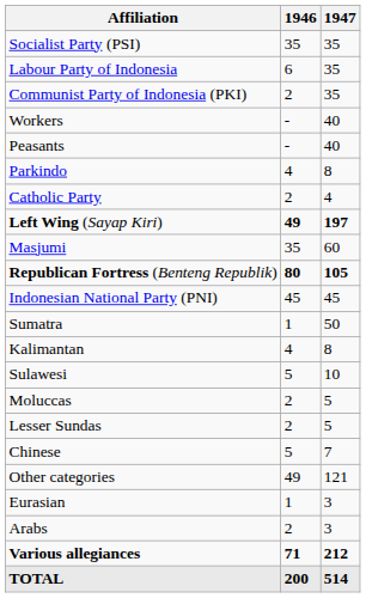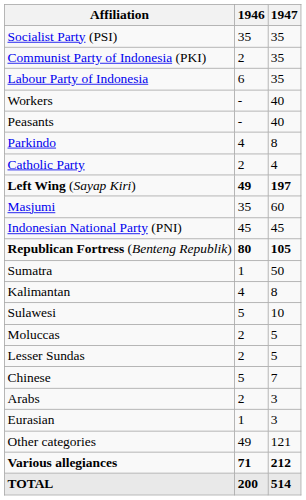 <table class="wikitable">
 <tr>
 <th>Affiliation</th>
 <th>1946</th>
 <th>1947</th>
 </tr>
 <tr>
 <td><a href='#'>Socialist Party</a> (PSI)</td>
 <td>35</td>
 <td>35</td>
 </tr>
 <tr>
-<td><a href='#'>Labour Party of Indonesia</a></td>
-<td>6</td>
+<td><a href='#'>Communist Party of Indonesia</a> (PKI)</td>
+<td>2</td>
 <td>35</td>
 </tr>
 <tr>
-<td><a href='#'>Communist Party of Indonesia</a> (PKI)</td>
-<td>2</td>
+<td><a href='#'>Labour Party of Indonesia</a></td>
+<td>6</td>
 <td>35</td>
 </tr>
 <tr>
 <td>Workers</td>
 <td>-</td>
 <td>40</td>
 </tr>
 <tr>
 <td>Peasants</td>
 <td>-</td>
 <td>40</td>
 </tr>
 <tr>
 <td><a href='#'>Parkindo</a></td>
 <td>4</td>
 <td>8</td>
 </tr>
 <tr>
 <td><a href='#'>Catholic Party</a></td>
 <td>2</td>
 <td>4</td>
 </tr>
 <tr>
 <td><strong>Left Wing</strong> (<em>Sayap Kiri</em>)</td>
 <td><strong>49</strong></td>
 <td><strong>197</strong></td>
 </tr>
 <tr>
 <td><a href='#'>Masjumi</a></td>
 <td>35</td>
 <td>60</td>
 </tr>
 <tr>
+<td><a href='#'>Indonesian National Party</a> (PNI)</td>
+<td>45</td>
+<td>45</td>
+</tr>
+<tr>
 <td><strong>Republican Fortress</strong> (<em>Benteng Republik</em>)</td>
 <td><strong>80</strong></td>
 <td><strong>105</strong></td>
-</tr>
-<tr>
-<td><a href='#'>Indonesian National Party</a> (PNI)</td>
-<td>45</td>
-<td>45</td>
 </tr>
 <tr>
 <td>Sumatra</td>
 <td>1</td>
 <td>50</td>
 </tr>
 <tr>
 <td>Kalimantan</td>
 <td>4</td>
 <td>8</td>
 </tr>
 <tr>
 <td>Sulawesi</td>
 <td>5</td>
 <td>10</td>
 </tr>
 <tr>
 <td>Moluccas</td>
 <td>2</td>
 <td>5</td>
 </tr>
 <tr>
 <td>Lesser Sundas</td>
 <td>2</td>
 <td>5</td>
 </tr>
 <tr>
 <td>Chinese</td>
 <td>5</td>
 <td>7</td>
 </tr>
 <tr>
-<td>Other categories</td>
-<td>49</td>
-<td>121</td>
+<td>Arabs</td>
+<td>2</td>
+<td>3</td>
 </tr>
 <tr>
 <td>Eurasian</td>
 <td>1</td>
 <td>3</td>
 </tr>
 <tr>
-<td>Arabs</td>
-<td>2</td>
-<td>3</td>
+<td>Other categories</td>
+<td>49</td>
+<td>121</td>
 </tr>
 <tr>
 <td><strong>Various allegiances</strong></td>
 <td><strong>71</strong></td>
 <td><strong>212</strong></td>
 </tr>
 <tr>
 <td style="text-align:left;background-color:#E9E9E9"><strong>TOTAL</strong></td>
 <td style="text-align:left;background-color:#E9E9E9"><strong>200</strong></td>
 <td style="text-align:left;background-color:#E9E9E9"><strong>514</strong></td>
 </tr>
 </table>
